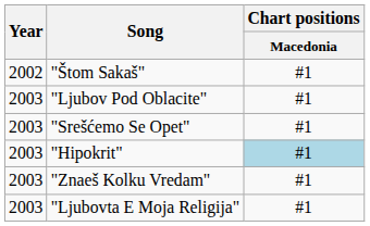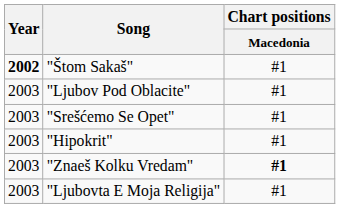 <table class="wikitable">
 <tr>
 <th rowspan="2">Year</th>
 <th rowspan="2">Song</th>
 <th colspan="3">Chart positions</th>
 </tr>
 <tr>
 <th><small>Macedonia</small></th>
 </tr>
 <tr>
-<td>2002</td>
+<td><strong>2002</strong></td>
 <td>"Štom Sakaš"</td>
 <td align="center">#1</td>
 </tr>
 <tr>
 <td>2003</td>
 <td>"Ljubov Pod Oblacite"</td>
 <td align="center">#1</td>
 </tr>
 <tr>
 <td>2003</td>
 <td>"Srešćemo Se Opet"</td>
 <td align="center">#1</td>
 </tr>
 <tr>
 <td>2003</td>
 <td>"Hipokrit"</td>
-<td align="center" style="background: lightblue;">#1</td>
+<td align="center">#1</td>
 </tr>
 <tr>
 <td>2003</td>
 <td>"Znaeš Kolku Vredam"</td>
-<td align="center">#1</td>
+<td align="center"><strong>#1</strong></td>
 </tr>
 <tr>
 <td>2003</td>
 <td>"Ljubovta E Moja Religija"</td>
 <td align="center">#1</td>
 </tr>
 </table>
